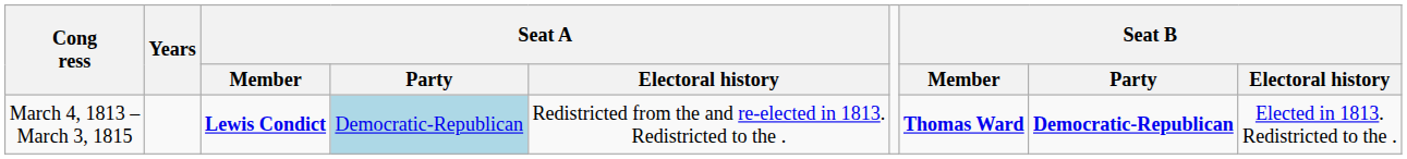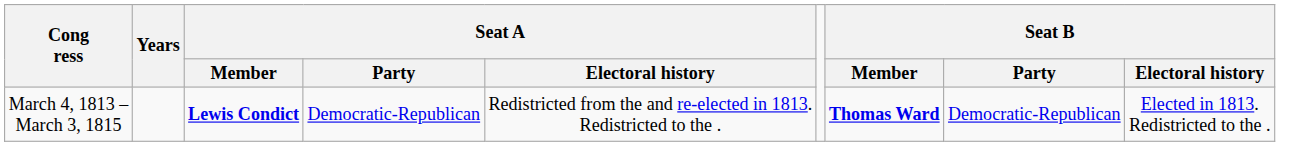 <table class=wikitable style="text-align:center">
 <tr style="height:3em">
 <th rowspan=2>Cong<br>ress</th>
 <th rowspan=2>Years</th>
 <th colspan=3>Seat A</th>
 <td rowspan=99></td>
 <th colspan=3>Seat B</th>
 </tr>
 <tr>
 <th>Member<br></th>
 <th>Party</th>
 <th>Electoral history</th>
 <th>Member<br></th>
 <th>Party</th>
 <th>Electoral history</th>
 </tr>
 <tr style="height:3em">
 <td nowrap>March 4, 1813 –<br>March 3, 1815</td>
 <td></td>
 <td align=left><strong><a href='#'>Lewis Condict</a></strong><br></td>
-<td style="background: lightblue;"><a href='#'>Democratic-Republican</a></td>
+<td><a href='#'>Democratic-Republican</a></td>
 <td>Redistricted from the  and <a href='#'>re-elected in 1813</a>.<br>Redistricted to the .</td>
 <td align=left><strong><a href='#'>Thomas Ward</a></strong><br></td>
-<td><strong><a href='#'>Democratic-Republican</a></strong></td>
+<td><a href='#'>Democratic-Republican</a></td>
 <td><a href='#'>Elected in 1813</a>.<br>Redistricted to the .</td>
 </tr>
 </table>
